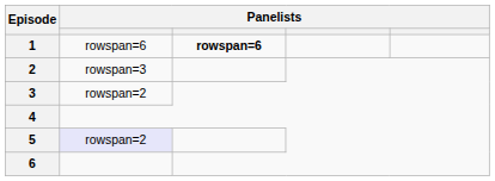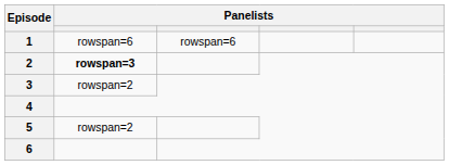 <table class="wikitable plainrowheaders mw-collapsible" style="text-align:center; line-height:23px; width:100%;">
 <tr>
 <th rowspan="2" width="1%">Episode</th>
 <th colspan="4">Panelists</th>
 </tr>
 <tr>
 <th width="25%"></th>
 <th width="25%"></th>
 <th width="25%"></th>
 <th width="25%"></th>
 </tr>
 <tr>
 <th>1</th>
 <td>rowspan=6 </td>
-<td><strong>rowspan=6 </strong></td>
+<td>rowspan=6 </td>
 <td></td>
 <td></td>
 </tr>
 <tr>
 <th>2</th>
-<td>rowspan=3 </td>
+<td><strong>rowspan=3 </strong></td>
 <td></td>
 </tr>
 <tr>
 <th>3</th>
 <td>rowspan=2 </td>
 </tr>
 <tr>
 <th>4</th>
 </tr>
 <tr>
 <th>5</th>
-<td style="background: lavender;">rowspan=2 </td>
+<td>rowspan=2 </td>
 <td></td>
 </tr>
 <tr>
 <th>6</th>
 <td></td>
 </tr>
 </table>
